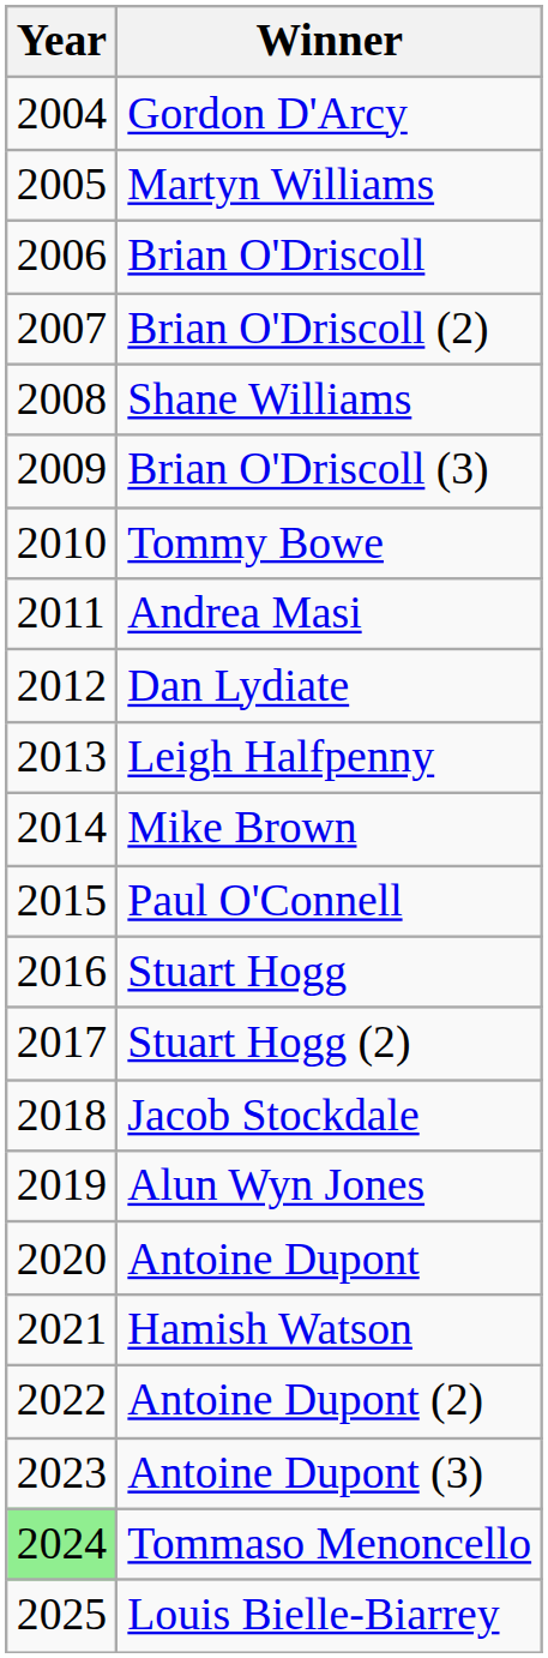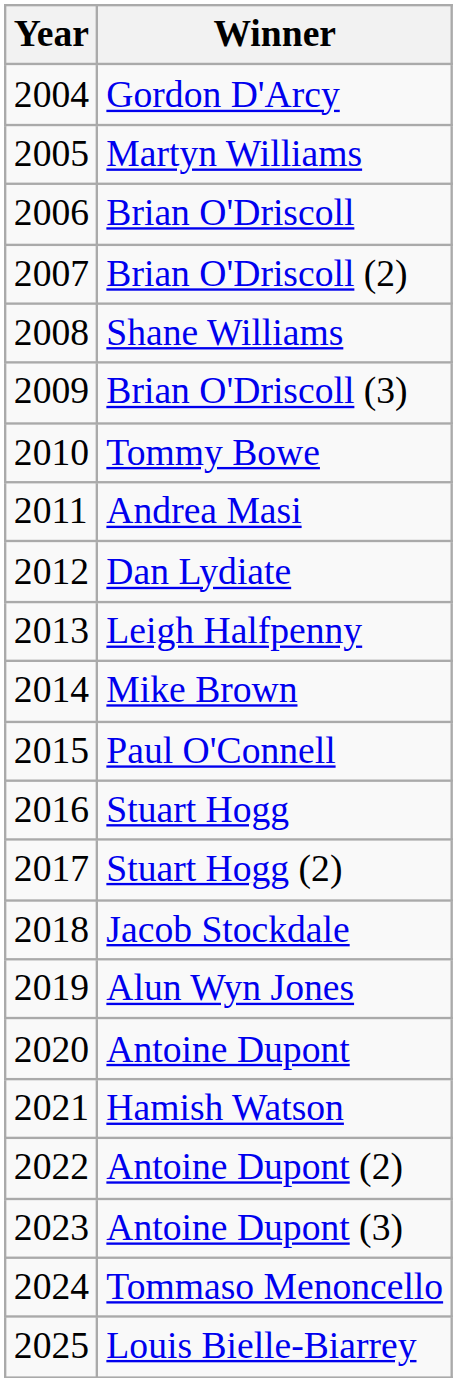 <table class="wikitable sortable">
 <tr>
 <th>Year</th>
 <th>Winner</th>
 </tr>
 <tr>
 <td>2004</td>
 <td> <a href='#'>Gordon D'Arcy</a></td>
 </tr>
 <tr>
 <td>2005</td>
 <td> <a href='#'>Martyn Williams</a></td>
 </tr>
 <tr>
 <td>2006</td>
 <td> <a href='#'>Brian O'Driscoll</a></td>
 </tr>
 <tr>
 <td>2007</td>
 <td> <a href='#'>Brian O'Driscoll</a> (2)</td>
 </tr>
 <tr>
 <td>2008</td>
 <td> <a href='#'>Shane Williams</a></td>
 </tr>
 <tr>
 <td>2009</td>
 <td> <a href='#'>Brian O'Driscoll</a> (3)</td>
 </tr>
 <tr>
 <td>2010</td>
 <td> <a href='#'>Tommy Bowe</a></td>
 </tr>
 <tr>
 <td>2011</td>
 <td> <a href='#'>Andrea Masi</a></td>
 </tr>
 <tr>
 <td>2012</td>
 <td> <a href='#'>Dan Lydiate</a></td>
 </tr>
 <tr>
 <td>2013</td>
 <td> <a href='#'>Leigh Halfpenny</a></td>
 </tr>
 <tr>
 <td>2014</td>
 <td> <a href='#'>Mike Brown</a></td>
 </tr>
 <tr>
 <td>2015</td>
 <td> <a href='#'>Paul O'Connell</a></td>
 </tr>
 <tr>
 <td>2016</td>
 <td> <a href='#'>Stuart Hogg</a></td>
 </tr>
 <tr>
 <td>2017</td>
 <td> <a href='#'>Stuart Hogg</a> (2)</td>
 </tr>
 <tr>
 <td>2018</td>
 <td> <a href='#'>Jacob Stockdale</a></td>
 </tr>
 <tr>
 <td>2019</td>
 <td> <a href='#'>Alun Wyn Jones</a></td>
 </tr>
 <tr>
 <td>2020</td>
 <td> <a href='#'>Antoine Dupont</a></td>
 </tr>
 <tr>
 <td>2021</td>
 <td> <a href='#'>Hamish Watson</a></td>
 </tr>
 <tr>
 <td>2022</td>
 <td> <a href='#'>Antoine Dupont</a> (2)</td>
 </tr>
 <tr>
 <td>2023</td>
 <td> <a href='#'>Antoine Dupont</a> (3)</td>
 </tr>
 <tr>
-<td style="background: lightgreen;">2024</td>
+<td>2024</td>
 <td> <a href='#'>Tommaso Menoncello</a></td>
 </tr>
 <tr>
 <td>2025</td>
 <td> <a href='#'>Louis Bielle-Biarrey</a></td>
 </tr>
 </table>
